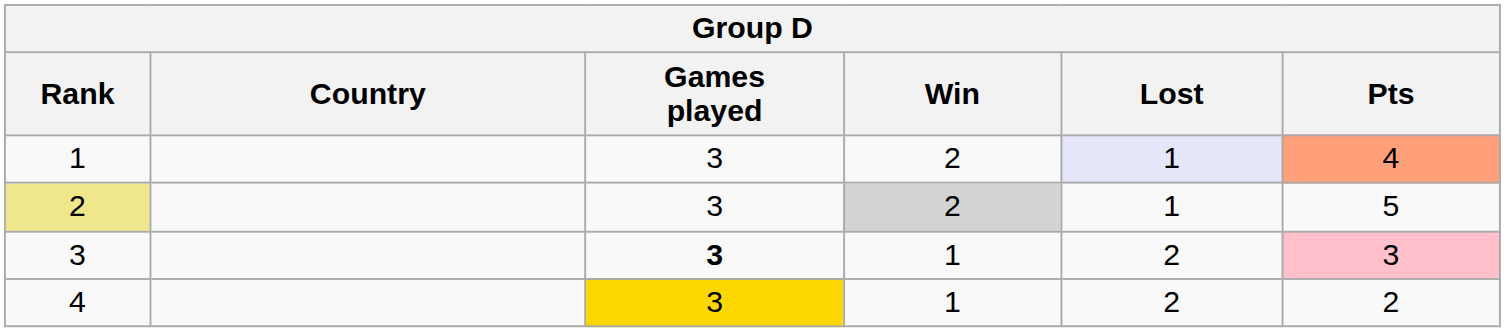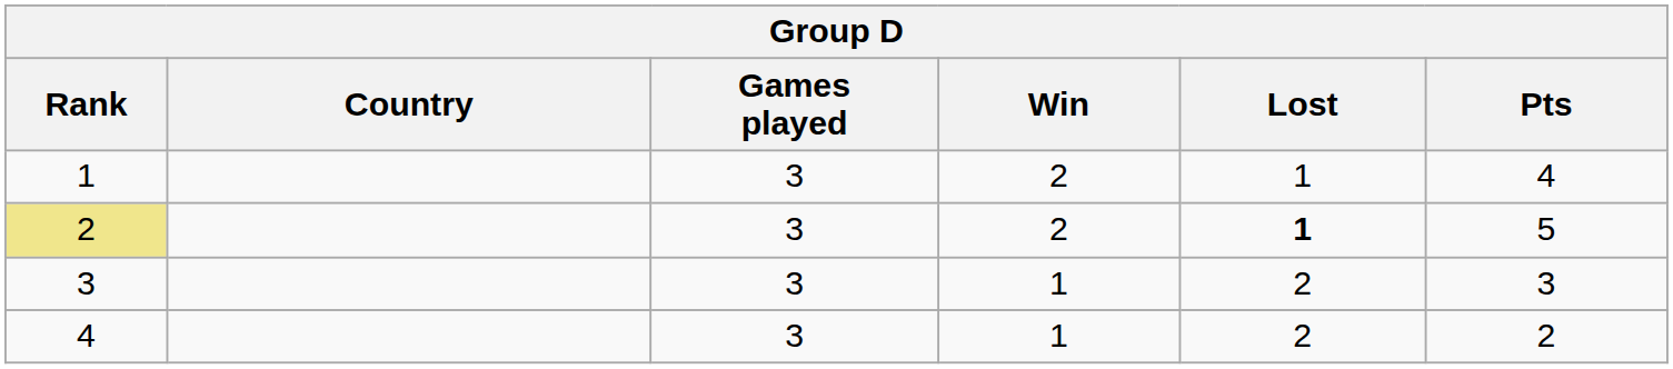 <table class="wikitable" style= "text-align: center; Width:50%">
 <tr>
 <th colspan= 6>Group D</th>
 </tr>
 <tr>
 <th width=2%>Rank</th>
 <th width=10%>Country</th>
 <th width=5%>Games <br> played</th>
 <th width=5%>Win</th>
 <th width=5%>Lost</th>
 <th width=5%>Pts</th>
 </tr>
 <tr>
 <td>1</td>
 <td style= "text-align: left"></td>
 <td>3</td>
 <td>2</td>
-<td style="background: lavender;">1</td>
-<td style="background: lightsalmon;">4</td>
+<td>1</td>
+<td>4</td>
 </tr>
 <tr>
 <td style="background: khaki;">2</td>
 <td style= "text-align: left"></td>
 <td>3</td>
-<td style="background: lightgrey;">2</td>
-<td>1</td>
+<td>2</td>
+<td><strong>1</strong></td>
 <td>5</td>
 </tr>
 <tr>
 <td>3</td>
 <td style= "text-align: left"></td>
-<td><strong>3</strong></td>
+<td>3</td>
 <td>1</td>
 <td>2</td>
-<td style="background: pink;">3</td>
+<td>3</td>
 </tr>
 <tr>
 <td>4</td>
 <td style= "text-align: left"></td>
-<td style="background: gold;">3</td>
+<td>3</td>
 <td>1</td>
 <td>2</td>
 <td>2</td>
 </tr>
 </table>
